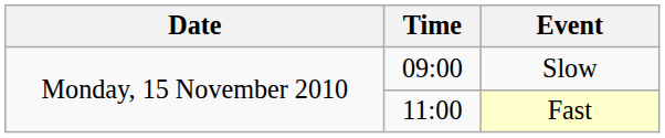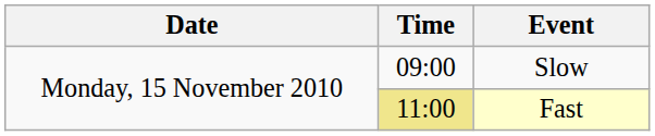 <table class = "wikitable" style="text-align:center;">
 <tr>
 <th width=220>Date</th>
 <th width=50>Time</th>
 <th width=100>Event</th>
 </tr>
 <tr>
 <td rowspan=2>Monday, 15 November 2010</td>
 <td>09:00</td>
 <td>Slow</td>
 </tr>
 <tr>
-<td>11:00</td>
+<td style="background: khaki;">11:00</td>
 <td bgcolor=ffffcc>Fast</td>
 </tr>
 </table>
